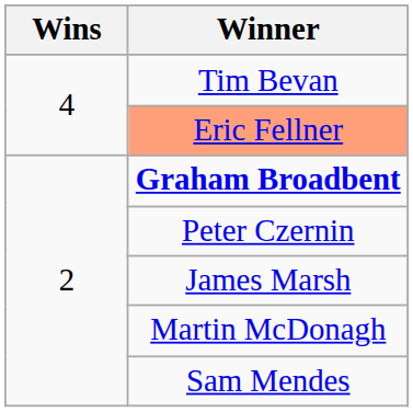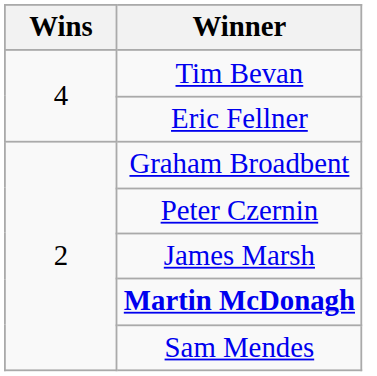 <table class="wikitable" style="text-align: center;">
 <tr>
 <th scope="col" width="55">Wins</th>
 <th scope="col" align="center">Winner</th>
 </tr>
 <tr>
 <td rowspan=2 style="text-align:center;">4</td>
 <td><a href='#'>Tim Bevan</a></td>
 </tr>
 <tr>
-<td style="background: lightsalmon;"><a href='#'>Eric Fellner</a></td>
+<td><a href='#'>Eric Fellner</a></td>
 </tr>
 <tr>
 <td rowspan=5 style="text-align:center;">2</td>
-<td><strong><a href='#'>Graham Broadbent</a></strong></td>
+<td><a href='#'>Graham Broadbent</a></td>
 </tr>
 <tr>
 <td><a href='#'>Peter Czernin</a></td>
 </tr>
 <tr>
 <td><a href='#'>James Marsh</a></td>
 </tr>
 <tr>
-<td><a href='#'>Martin McDonagh</a></td>
+<td><strong><a href='#'>Martin McDonagh</a></strong></td>
 </tr>
 <tr>
 <td><a href='#'>Sam Mendes</a></td>
 </tr>
 </table>
